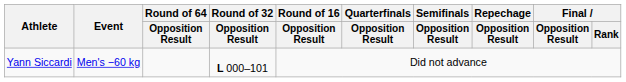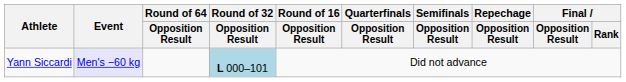 <table class="wikitable" style="font-size:90%">
 <tr>
 <th rowspan=2>Athlete</th>
 <th rowspan=2>Event</th>
 <th>Round of 64</th>
 <th>Round of 32</th>
 <th>Round of 16</th>
 <th>Quarterfinals</th>
 <th>Semifinals</th>
 <th>Repechage</th>
 <th colspan=2>Final / </th>
 </tr>
 <tr style="font-size:95%">
 <th>Opposition<br>Result</th>
 <th>Opposition<br>Result</th>
 <th>Opposition<br>Result</th>
 <th>Opposition<br>Result</th>
 <th>Opposition<br>Result</th>
 <th>Opposition<br>Result</th>
 <th>Opposition<br>Result</th>
 <th>Rank</th>
 </tr>
 <tr align=center>
 <td align=left><a href='#'>Yann Siccardi</a></td>
-<td align=left><a href='#'>Men's −60 kg</a></td>
+<td align=left style="background: lavender;"><a href='#'>Men's −60 kg</a></td>
 <td></td>
-<td><br><strong>L</strong> 000–101</td>
+<td style="background: lightblue;"><br><strong>L</strong> 000–101</td>
 <td colspan=6>Did not advance</td>
 </tr>
 </table>
